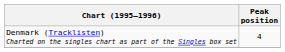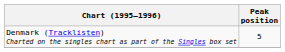 <table class="wikitable sortable">
 <tr>
 <th>Chart (1995–1996)</th>
 <th>Peak<br>position</th>
 </tr>
 <tr>
 <td>Denmark (<a href='#'>Tracklisten</a>)<br><small><em>Charted on the singles chart as part of the <a href='#'>Singles</a> box set</em></small></td>
-<td style="text-align:center;">4</td>
+<td style="text-align:center;">5</td>
 </tr>
 <tr>
 </tr>
 </table>
